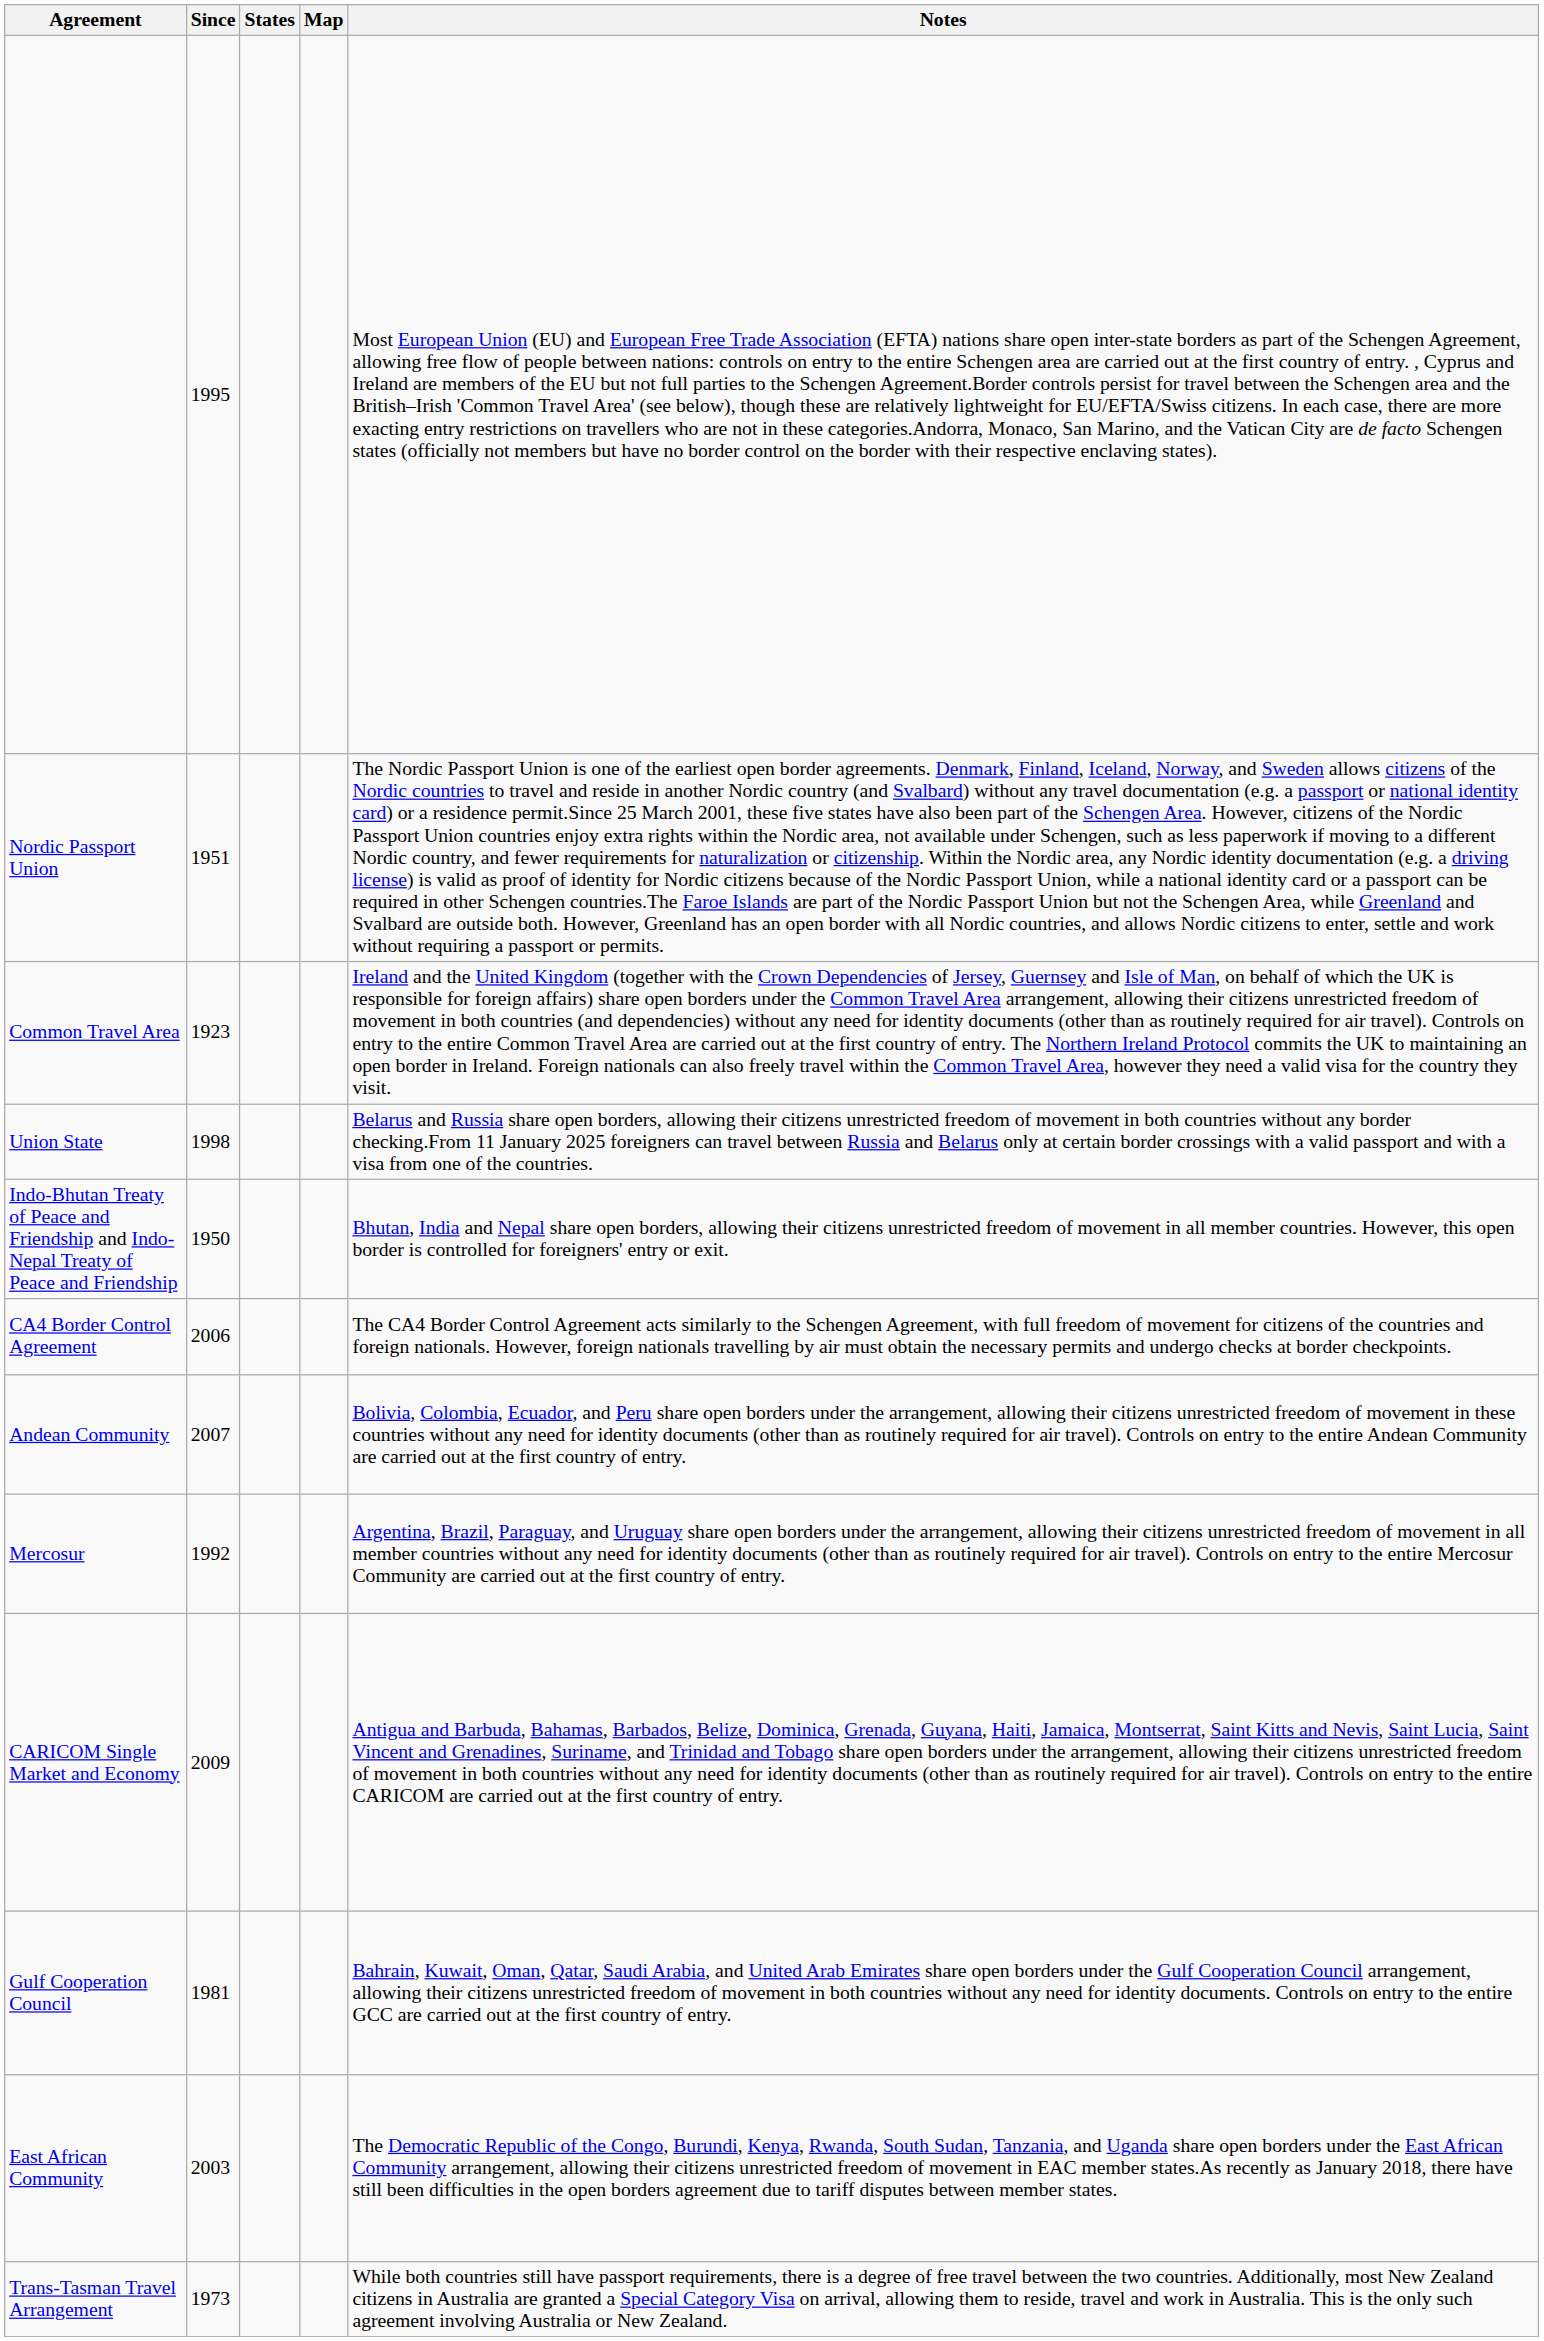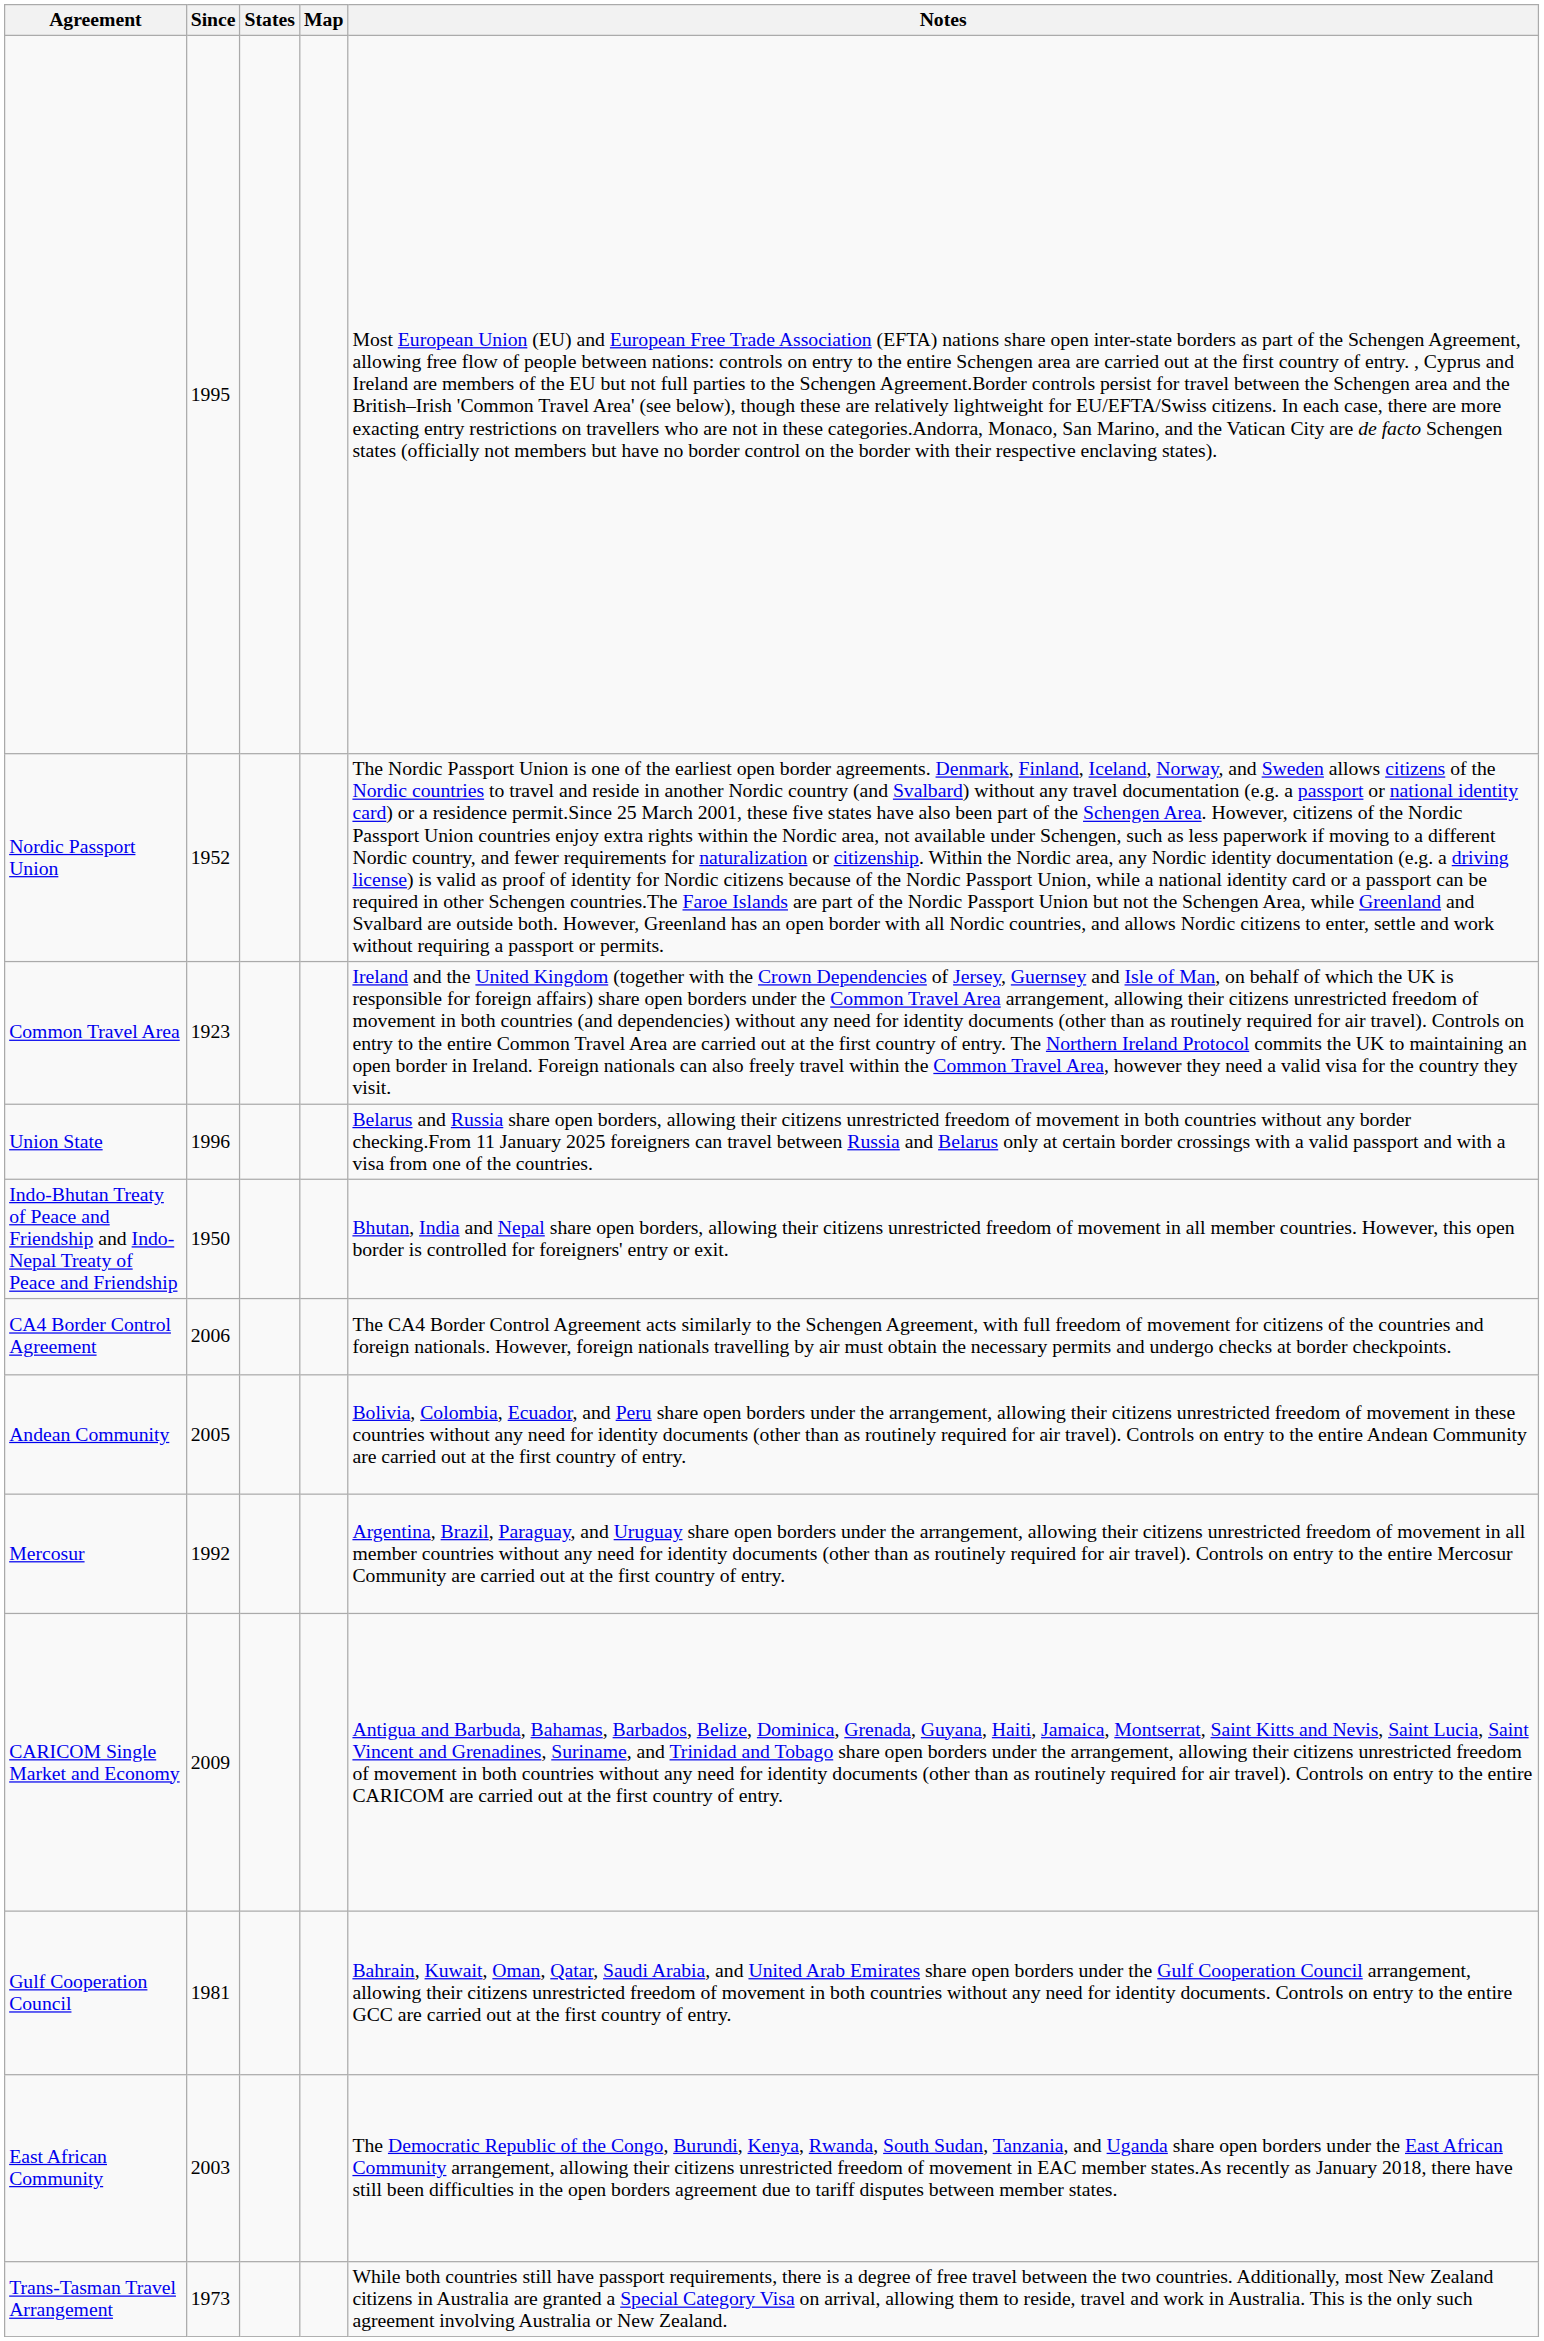 <table class="wikitable">
 <tr>
 <th>Agreement</th>
 <th>Since</th>
 <th>States</th>
 <th>Map</th>
 <th>Notes</th>
 </tr>
 <tr>
 <td><br></td>
 <td>1995</td>
 <td><br> <br> <br> <br> <br> <br> <br> <br> <br> <br> <br> <br> <br> <br> <br> <br> <br> <br>   <br> <br> <br> <br> <br> <br> <br> <br> <br> <br> <br> <br> <br> <br>  </td>
 <td></td>
 <td>Most <a href='#'>European Union</a> (EU) and <a href='#'>European Free Trade Association</a> (EFTA) nations share open inter-state borders as part of the Schengen Agreement, allowing free flow of people between nations: controls on entry to the entire Schengen area are carried out at the first country of entry. , Cyprus and Ireland are members of the EU but not full parties to the Schengen Agreement.Border controls persist for travel between the Schengen area and the British–Irish 'Common Travel Area' (see below), though these are relatively lightweight for EU/EFTA/Swiss citizens. In each case, there are more exacting entry restrictions on travellers who are not in these categories.Andorra, Monaco, San Marino, and the Vatican City are <em>de facto</em> Schengen states (officially not members but have no border control on the border with their respective enclaving states).</td>
 </tr>
 <tr>
 <td><a href='#'>Nordic Passport Union</a></td>
-<td>1951</td>
+<td>1952</td>
 <td><br>  <br> <br>   <br> <br> </td>
 <td></td>
 <td>The Nordic Passport Union is one of the earliest open border agreements. <a href='#'>Denmark</a>, <a href='#'>Finland</a>, <a href='#'>Iceland</a>, <a href='#'>Norway</a>, and <a href='#'>Sweden</a> allows <a href='#'>citizens</a> of the <a href='#'>Nordic countries</a> to travel and reside in another Nordic country (and <a href='#'>Svalbard</a>) without any travel documentation (e.g. a <a href='#'>passport</a> or <a href='#'>national identity card</a>) or a residence permit.Since 25 March 2001, these five states have also been part of the <a href='#'>Schengen Area</a>. However, citizens of the Nordic Passport Union countries enjoy extra rights within the Nordic area, not available under Schengen, such as less paperwork if moving to a different Nordic country, and fewer requirements for <a href='#'>naturalization</a> or <a href='#'>citizenship</a>. Within the Nordic area, any Nordic identity documentation (e.g. a <a href='#'>driving license</a>) is valid as proof of identity for Nordic citizens because of the Nordic Passport Union, while a national identity card or a passport can be required in other Schengen countries.The <a href='#'>Faroe Islands</a> are part of the Nordic Passport Union but not the Schengen Area, while <a href='#'>Greenland</a> and Svalbard are outside both. However, Greenland has an open border with all Nordic countries, and allows Nordic citizens to enter, settle and work without requiring a passport or permits.</td>
 </tr>
 <tr>
 <td><a href='#'>Common Travel Area</a></td>
 <td>1923</td>
 <td><br>  <br>  <br> </td>
 <td></td>
 <td><a href='#'>Ireland</a> and the <a href='#'>United Kingdom</a> (together with the <a href='#'>Crown Dependencies</a> of <a href='#'>Jersey</a>, <a href='#'>Guernsey</a> and <a href='#'>Isle of Man</a>, on behalf of which the UK is responsible for foreign affairs) share open borders under the <a href='#'>Common Travel Area</a> arrangement, allowing their citizens unrestricted freedom of movement in both countries (and dependencies) without any need for identity documents (other than as routinely required for air travel). Controls on entry to the entire Common Travel Area are carried out at the first country of entry. The <a href='#'>Northern Ireland Protocol</a> commits the UK to maintaining an open border in Ireland. Foreign nationals can also freely travel within the <a href='#'>Common Travel Area</a>, however they need a valid visa for the country they visit.</td>
 </tr>
 <tr>
 <td><a href='#'>Union State</a></td>
-<td>1998</td>
+<td>1996</td>
 <td><br>     </td>
 <td></td>
 <td><a href='#'>Belarus</a> and <a href='#'>Russia</a> share open borders, allowing their citizens unrestricted freedom of movement in both countries without any border checking.From 11 January 2025 foreigners can travel between <a href='#'>Russia</a> and <a href='#'>Belarus</a> only at certain border crossings with a valid passport and with a visa from one of the countries.</td>
 </tr>
 <tr>
 <td><a href='#'>Indo-Bhutan Treaty of Peace and Friendship</a> and <a href='#'>Indo-Nepal Treaty of Peace and Friendship</a></td>
 <td>1950</td>
 <td><br>  <br> <br>  </td>
 <td></td>
 <td><a href='#'>Bhutan</a>, <a href='#'>India</a> and <a href='#'>Nepal</a> share open borders, allowing their citizens unrestricted freedom of movement in all member countries. However, this open border is controlled for foreigners' entry or exit.</td>
 </tr>
 <tr>
 <td><a href='#'>CA4 Border Control Agreement</a></td>
 <td>2006</td>
 <td><br> <br>   <br>  </td>
 <td></td>
 <td>The CA4 Border Control Agreement acts similarly to the Schengen Agreement, with full freedom of movement for citizens of the countries and foreign nationals. However, foreign nationals travelling by air must obtain the necessary permits and undergo checks at border checkpoints.</td>
 </tr>
 <tr>
 <td><a href='#'>Andean Community</a></td>
-<td>2007</td>
+<td>2005</td>
 <td><br>  <br> <br>  <br> <br> </td>
 <td></td>
 <td><a href='#'>Bolivia</a>, <a href='#'>Colombia</a>, <a href='#'>Ecuador</a>, and  <a href='#'>Peru</a> share open borders under the arrangement, allowing their citizens unrestricted freedom of movement in these countries  without any need for identity documents (other than as routinely required for air travel). Controls on entry to the entire Andean Community  are carried out at the first country of entry.</td>
 </tr>
 <tr>
 <td><a href='#'>Mercosur</a></td>
 <td>1992</td>
 <td><br>  <br> <br>  <br> <br> </td>
 <td></td>
 <td><a href='#'>Argentina</a>, <a href='#'>Brazil</a>, <a href='#'>Paraguay</a>, and <a href='#'>Uruguay</a> share open borders under the arrangement, allowing their citizens unrestricted freedom of movement in all member countries  without any need for identity documents (other than as routinely required for air travel). Controls on entry to the entire Mercosur Community  are carried out at the first country of entry.</td>
 </tr>
 <tr>
 <td><a href='#'>CARICOM Single Market and Economy</a></td>
 <td>2009</td>
 <td><br>  <br> <br> <br> <br> <br> <br> <br> <br>  <br> <br> <br> <br> </td>
 <td></td>
 <td><a href='#'>Antigua and Barbuda</a>, <a href='#'>Bahamas</a>, <a href='#'>Barbados</a>, <a href='#'>Belize</a>, <a href='#'>Dominica</a>, <a href='#'>Grenada</a>, <a href='#'>Guyana</a>, <a href='#'>Haiti</a>, <a href='#'>Jamaica</a>, <a href='#'>Montserrat</a>, <a href='#'>Saint Kitts and Nevis</a>, <a href='#'>Saint Lucia</a>, <a href='#'>Saint Vincent and Grenadines</a>, <a href='#'>Suriname</a>, and <a href='#'>Trinidad and Tobago</a> share open borders under the arrangement, allowing their citizens unrestricted freedom of movement in both countries  without any need for identity documents (other than as routinely required for air travel). Controls on entry to the entire CARICOM are carried out at the first country of entry.</td>
 </tr>
 <tr>
 <td><a href='#'>Gulf Cooperation Council</a></td>
 <td>1981</td>
 <td><br>  <br> <br> <br>  <br> <br> <br> </td>
 <td></td>
 <td><a href='#'>Bahrain</a>, <a href='#'>Kuwait</a>, <a href='#'>Oman</a>, <a href='#'>Qatar</a>, <a href='#'>Saudi Arabia</a>, and <a href='#'>United Arab Emirates</a> share open borders under the <a href='#'>Gulf Cooperation Council</a> arrangement, allowing their citizens unrestricted freedom of movement in both countries  without any need for identity documents. Controls on entry to the entire GCC are carried out at the first country of entry.</td>
 </tr>
 <tr>
 <td><a href='#'>East African Community</a></td>
 <td>2003</td>
 <td><br>  <br> <br> <br> <br>  <br> <br> <br> </td>
 <td></td>
 <td>The <a href='#'>Democratic Republic of the Congo</a>, <a href='#'>Burundi</a>, <a href='#'>Kenya</a>, <a href='#'>Rwanda</a>, <a href='#'>South Sudan</a>, <a href='#'>Tanzania</a>, and <a href='#'>Uganda</a> share open borders under the <a href='#'>East African Community</a> arrangement, allowing their citizens unrestricted freedom of movement in EAC member states.As recently as January 2018, there have still been difficulties in the open borders agreement due to tariff disputes between member states.</td>
 </tr>
 <tr>
 <td><a href='#'>Trans-Tasman Travel Arrangement</a></td>
 <td>1973</td>
 <td><br>  <br>  </td>
 <td></td>
 <td>While both countries still have passport requirements, there is a degree of free travel between the two countries. Additionally, most New Zealand citizens in Australia are granted a <a href='#'>Special Category Visa</a> on arrival, allowing them to reside, travel and work in Australia. This is the only such agreement involving Australia or New Zealand.</td>
 </tr>
 </table>
